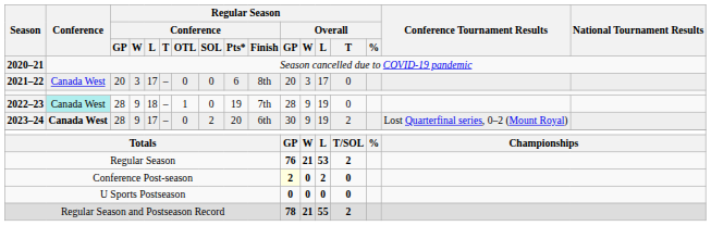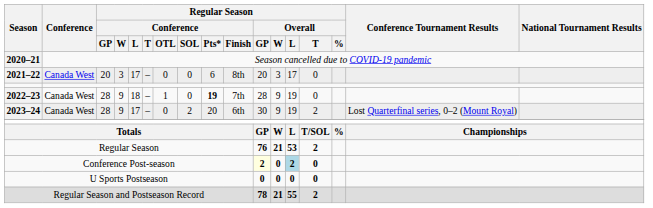 <table class="wikitable" style="text-align: center; font-size: 95%">
 <tr>
 <th rowspan="3">Season</th>
 <th rowspan="3">Conference</th>
 <th colspan="13">Regular Season</th>
 <th rowspan="3">Conference Tournament Results</th>
 <th rowspan="3">National Tournament Results</th>
 </tr>
 <tr>
 <th colspan="8">Conference</th>
 <th colspan="5">Overall</th>
 </tr>
 <tr>
 <th>GP</th>
 <th>W</th>
 <th>L</th>
 <th>T</th>
 <th>OTL</th>
 <th>SOL</th>
 <th>Pts*</th>
 <th>Finish</th>
 <th>GP</th>
 <th>W</th>
 <th>L</th>
 <th>T</th>
 <th>%</th>
 </tr>
 <tr>
 <th>2020–21</th>
 <td colspan=17><em>Season cancelled due to <a href='#'>COVID-19 pandemic</a></em></td>
 </tr>
 <tr bgcolor=eeeeee>
 <th>2021–22</th>
 <td><a href='#'>Canada West</a></td>
 <td>20</td>
 <td>3</td>
 <td>17</td>
 <td>–</td>
 <td>0</td>
 <td>0</td>
 <td>6</td>
 <td>8th</td>
 <td>20</td>
 <td>3</td>
 <td>17</td>
 <td>0</td>
 <td></td>
 <td align="left"></td>
 <td align="left"></td>
 </tr>
 <tr>
 <td><strong> </strong></td>
 </tr>
 <tr>
 <th>2022–23</th>
-<td style="background: paleturquoise;">Canada West</td>
+<td>Canada West</td>
 <td>28</td>
 <td>9</td>
 <td>18</td>
 <td>–</td>
 <td>1</td>
 <td>0</td>
-<td>19</td>
+<td><strong>19</strong></td>
 <td>7th</td>
 <td>28</td>
 <td>9</td>
 <td>19</td>
 <td>0</td>
 <td></td>
 <td align="left"></td>
 <td align="left"></td>
 </tr>
 <tr bgcolor=eeeeee>
 <th>2023–24</th>
-<td><strong>Canada West</strong></td>
+<td>Canada West</td>
 <td>28</td>
 <td>9</td>
 <td>17</td>
 <td>–</td>
 <td>0</td>
 <td>2</td>
 <td>20</td>
 <td>6th</td>
 <td>30</td>
 <td>9</td>
 <td>19</td>
 <td>2</td>
 <td></td>
 <td align="left">Lost <a href='#'>Quarterfinal series</a>, 0–2 (<a href='#'>Mount Royal</a>)</td>
 <td align="left"></td>
 </tr>
 <tr>
 </tr>
 <tr ->
 </tr>
 <tr>
 <td colspan="17" style="background:#fff;"></td>
 </tr>
 <tr>
 <th colspan="10">Totals</th>
 <th>GP</th>
 <th>W</th>
 <th>L</th>
 <th>T/SOL</th>
 <th>%</th>
 <th colspan="2">Championships</th>
 </tr>
 <tr>
 <td colspan="10">Regular Season</td>
 <td><strong>76</strong></td>
 <td><strong>21</strong></td>
 <td><strong>53</strong></td>
 <td><strong>2</strong></td>
 <td><strong></strong></td>
 <td colspan="2" align="left"></td>
 </tr>
 <tr>
 <td colspan="10">Conference Post-season</td>
 <td style="background: lightyellow;"><strong>2</strong></td>
 <td><strong>0</strong></td>
-<td><strong>2</strong></td>
+<td style="background: lightblue;"><strong>2</strong></td>
 <td><strong>0</strong></td>
 <td><strong></strong></td>
 <td colspan="2" align="left"></td>
 </tr>
 <tr>
 <td colspan="10">U Sports Postseason</td>
 <td><strong>0</strong></td>
 <td><strong>0</strong></td>
 <td><strong>0</strong></td>
 <td><strong>0</strong></td>
 <td><strong></strong></td>
 <td colspan="2" align="left"></td>
 </tr>
 <tr bgcolor=dddddd>
 <td colspan="10">Regular Season and Postseason Record</td>
 <td><strong>78</strong></td>
 <td><strong>21</strong></td>
 <td><strong>55</strong></td>
 <td><strong>2</strong></td>
 <td><strong></strong></td>
 <td colspan="2" align="left"></td>
 </tr>
 </table>
